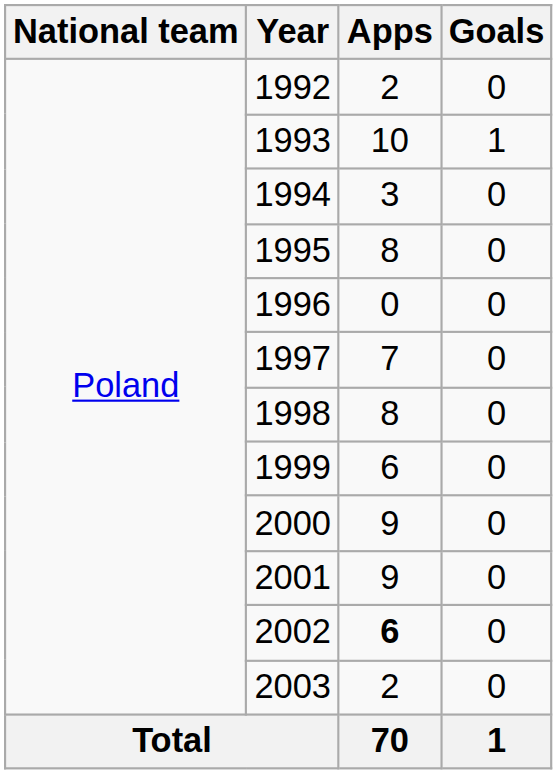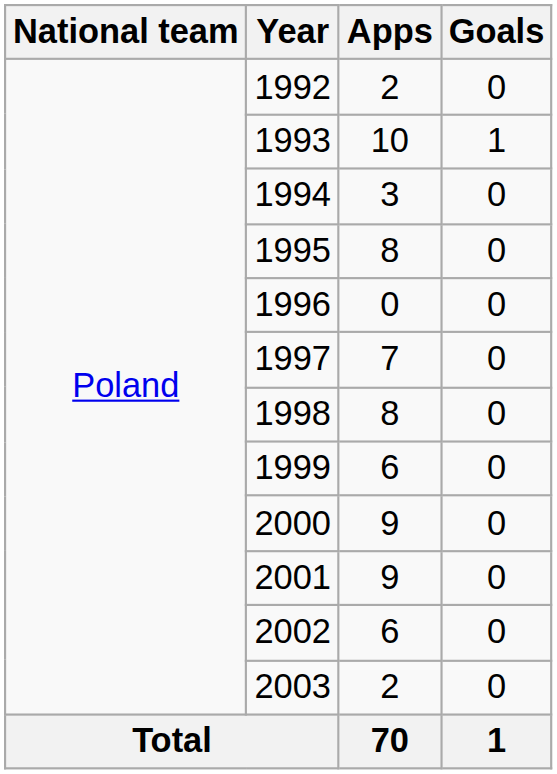 <table class="wikitable" style="text-align:center">
 <tr>
 <th>National team</th>
 <th>Year</th>
 <th>Apps</th>
 <th>Goals</th>
 </tr>
 <tr>
 <td rowspan="12"><a href='#'>Poland</a></td>
 <td>1992</td>
 <td>2</td>
 <td>0</td>
 </tr>
 <tr>
 <td>1993</td>
 <td>10</td>
 <td>1</td>
 </tr>
 <tr>
 <td>1994</td>
 <td>3</td>
 <td>0</td>
 </tr>
 <tr>
 <td>1995</td>
 <td>8</td>
 <td>0</td>
 </tr>
 <tr>
 <td>1996</td>
 <td>0</td>
 <td>0</td>
 </tr>
 <tr>
 <td>1997</td>
 <td>7</td>
 <td>0</td>
 </tr>
 <tr>
 <td>1998</td>
 <td>8</td>
 <td>0</td>
 </tr>
 <tr>
 <td>1999</td>
 <td>6</td>
 <td>0</td>
 </tr>
 <tr>
 <td>2000</td>
 <td>9</td>
 <td>0</td>
 </tr>
 <tr>
 <td>2001</td>
 <td>9</td>
 <td>0</td>
 </tr>
 <tr>
 <td>2002</td>
-<td><strong>6</strong></td>
+<td>6</td>
 <td>0</td>
 </tr>
 <tr>
 <td>2003</td>
 <td>2</td>
 <td>0</td>
 </tr>
 <tr>
 <th colspan="2">Total</th>
 <th>70</th>
 <th>1</th>
 </tr>
 </table>
